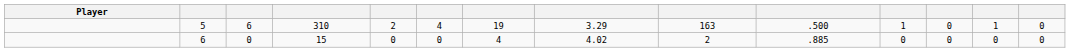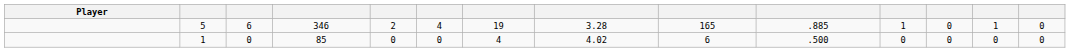 <table class="wikitable sortable" style="width:100%; text-align:center;">
 <tr style="text-align:center; background:#ddd;">
 <th>Player</th>
 <th></th>
 <th></th>
 <th></th>
 <th></th>
 <th></th>
 <th></th>
 <th></th>
 <th></th>
 <th></th>
 <th></th>
 <th></th>
 <th></th>
 <th></th>
 </tr>
 <tr>
 <td style=white-space:nowrap></td>
 <td>5</td>
 <td>6</td>
-<td>310</td>
+<td>346</td>
 <td>2</td>
 <td>4</td>
 <td>19</td>
-<td>3.29</td>
-<td>163</td>
-<td>.500</td>
+<td>3.28</td>
+<td>165</td>
+<td>.885</td>
 <td>1</td>
 <td>0</td>
 <td>1</td>
 <td>0</td>
 </tr>
 <tr>
 <td style=white-space:nowrap></td>
-<td>6</td>
+<td>1</td>
 <td>0</td>
-<td>15</td>
+<td>85</td>
 <td>0</td>
 <td>0</td>
 <td>4</td>
 <td>4.02</td>
-<td>2</td>
-<td>.885</td>
+<td>6</td>
+<td>.500</td>
 <td>0</td>
 <td>0</td>
 <td>0</td>
 <td>0</td>
 </tr>
 </table>
